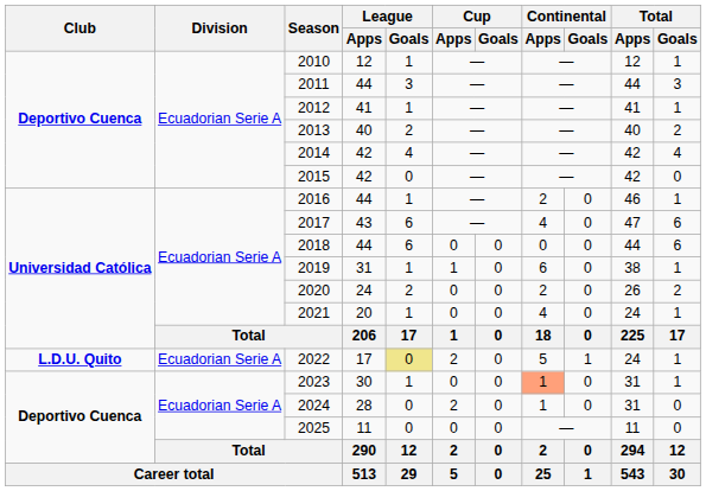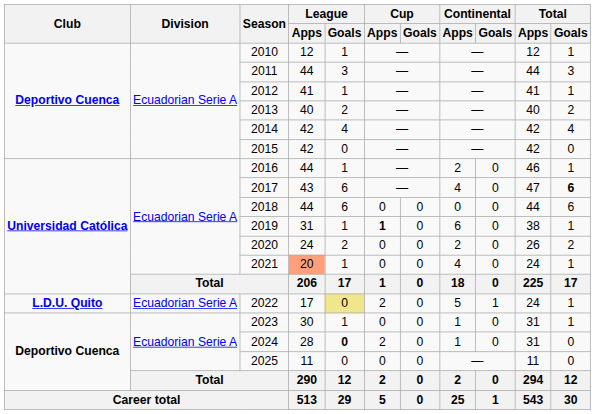 <table class="wikitable center" style="text-align: center;">
 <tr>
 <th rowspan="2">Club</th>
 <th rowspan="2">Division</th>
 <th rowspan="2">Season</th>
 <th colspan="2">League</th>
 <th colspan="2">Cup</th>
 <th colspan="2">Continental</th>
 <th colspan="2">Total</th>
 </tr>
 <tr>
 <th>Apps</th>
 <th>Goals</th>
 <th>Apps</th>
 <th>Goals</th>
 <th>Apps</th>
 <th>Goals</th>
 <th>Apps</th>
 <th>Goals</th>
 </tr>
 <tr>
 <td rowspan="6"><strong><a href='#'>Deportivo Cuenca</a></strong></td>
 <td rowspan="6"><a href='#'>Ecuadorian Serie A</a></td>
 <td>2010</td>
 <td>12</td>
 <td>1</td>
 <td colspan="2">—</td>
 <td colspan="2">—</td>
 <td>12</td>
 <td>1</td>
 </tr>
 <tr>
 <td>2011</td>
 <td>44</td>
 <td>3</td>
 <td colspan="2">—</td>
 <td colspan="2">—</td>
 <td>44</td>
 <td>3</td>
 </tr>
 <tr>
 <td>2012</td>
 <td>41</td>
 <td>1</td>
 <td colspan="2">—</td>
 <td colspan="2">—</td>
 <td>41</td>
 <td>1</td>
 </tr>
 <tr>
 <td>2013</td>
 <td>40</td>
 <td>2</td>
 <td colspan="2">—</td>
 <td colspan="2">—</td>
 <td>40</td>
 <td>2</td>
 </tr>
 <tr>
 <td>2014</td>
 <td>42</td>
 <td>4</td>
 <td colspan="2">—</td>
 <td colspan="2">—</td>
 <td>42</td>
 <td>4</td>
 </tr>
 <tr>
 <td>2015</td>
 <td>42</td>
 <td>0</td>
 <td colspan="2">—</td>
 <td colspan="2">—</td>
 <td>42</td>
 <td>0</td>
 </tr>
 <tr>
 <td rowspan="7"><strong><a href='#'>Universidad Católica</a></strong></td>
 <td rowspan="6"><a href='#'>Ecuadorian Serie A</a></td>
 <td>2016</td>
 <td>44</td>
 <td>1</td>
 <td colspan="2">—</td>
 <td>2</td>
 <td>0</td>
 <td>46</td>
 <td>1</td>
 </tr>
 <tr>
 <td>2017</td>
 <td>43</td>
 <td>6</td>
 <td colspan="2">—</td>
 <td>4</td>
 <td>0</td>
 <td>47</td>
-<td>6</td>
+<td><strong>6</strong></td>
 </tr>
 <tr>
 <td>2018</td>
 <td>44</td>
 <td>6</td>
 <td>0</td>
 <td>0</td>
 <td>0</td>
 <td>0</td>
 <td>44</td>
 <td>6</td>
 </tr>
 <tr>
 <td>2019</td>
 <td>31</td>
 <td>1</td>
-<td>1</td>
+<td><strong>1</strong></td>
 <td>0</td>
 <td>6</td>
 <td>0</td>
 <td>38</td>
 <td>1</td>
 </tr>
 <tr>
 <td>2020</td>
 <td>24</td>
 <td>2</td>
 <td>0</td>
 <td>0</td>
 <td>2</td>
 <td>0</td>
 <td>26</td>
 <td>2</td>
 </tr>
 <tr>
 <td>2021</td>
-<td>20</td>
+<td style="background: lightsalmon;">20</td>
 <td>1</td>
 <td>0</td>
 <td>0</td>
 <td>4</td>
 <td>0</td>
 <td>24</td>
 <td>1</td>
 </tr>
 <tr>
 <th colspan="2">Total</th>
 <th>206</th>
 <th>17</th>
 <th>1</th>
 <th>0</th>
 <th>18</th>
 <th>0</th>
 <th>225</th>
 <th>17</th>
 </tr>
 <tr>
 <td><strong><a href='#'>L.D.U. Quito</a></strong></td>
 <td><a href='#'>Ecuadorian Serie A</a></td>
 <td>2022</td>
 <td>17</td>
 <td style="background: khaki;">0</td>
 <td>2</td>
 <td>0</td>
 <td>5</td>
 <td>1</td>
 <td>24</td>
 <td>1</td>
 </tr>
 <tr>
 <td rowspan="4"><strong>Deportivo Cuenca</strong></td>
 <td rowspan="3"><a href='#'>Ecuadorian Serie A</a></td>
 <td>2023</td>
 <td>30</td>
 <td>1</td>
 <td>0</td>
 <td>0</td>
-<td style="background: lightsalmon;">1</td>
+<td>1</td>
 <td>0</td>
 <td>31</td>
 <td>1</td>
 </tr>
 <tr>
 <td>2024</td>
 <td>28</td>
-<td>0</td>
+<td><strong>0</strong></td>
 <td>2</td>
 <td>0</td>
 <td>1</td>
 <td>0</td>
 <td>31</td>
 <td>0</td>
 </tr>
 <tr>
 <td>2025</td>
 <td>11</td>
 <td>0</td>
 <td>0</td>
 <td>0</td>
 <td colspan="2">—</td>
 <td>11</td>
 <td>0</td>
 </tr>
 <tr>
 <th colspan="2">Total</th>
 <th>290</th>
 <th>12</th>
 <th>2</th>
 <th>0</th>
 <th>2</th>
 <th>0</th>
 <th>294</th>
 <th>12</th>
 </tr>
 <tr>
 <th colspan="3">Career total</th>
 <th>513</th>
 <th>29</th>
 <th>5</th>
 <th>0</th>
 <th>25</th>
 <th>1</th>
 <th>543</th>
 <th>30</th>
 </tr>
 </table>
